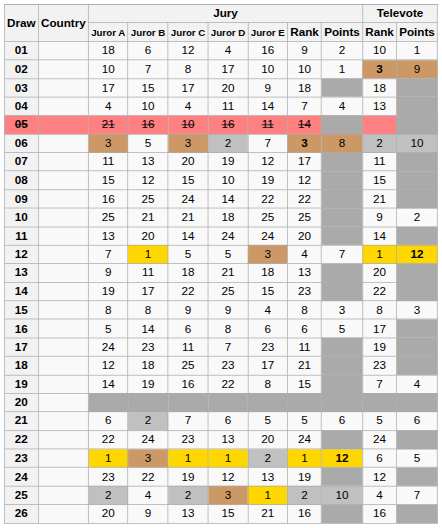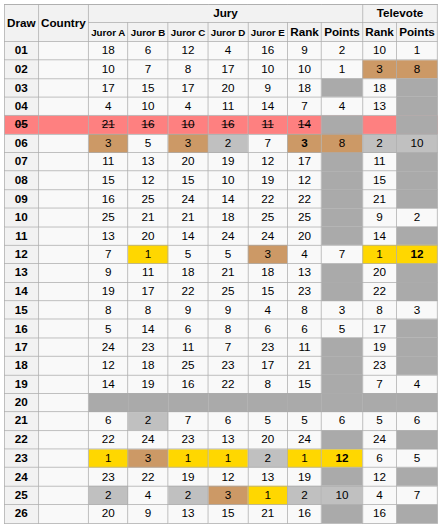 <table class="sortable wikitable collapsible plainrowheaders" style="text-align:center;">
 <tr>
 </tr>
 <tr>
 <th scope="col" rowspan="2">Draw</th>
 <th scope="col" rowspan="2">Country</th>
 <th scope="col" colspan="7">Jury</th>
 <th scope="col" colspan="2">Televote</th>
 </tr>
 <tr>
 <th scope="col"><small>Juror A</small></th>
 <th scope="col"><small>Juror B</small></th>
 <th scope="col"><small>Juror C</small></th>
 <th scope="col"><small>Juror D</small></th>
 <th scope="col"><small>Juror E</small></th>
 <th scope="col">Rank</th>
 <th scope="col" class="unsortable">Points</th>
 <th scope="col">Rank</th>
 <th scope="col" class="unsortable">Points</th>
 </tr>
 <tr>
 <th scope="row" style="text-align:center;">01</th>
 <td style="text-align:left;"></td>
 <td>18</td>
 <td>6</td>
 <td>12</td>
 <td>4</td>
 <td>16</td>
 <td>9</td>
 <td>2</td>
 <td>10</td>
 <td>1</td>
 </tr>
 <tr>
 <th scope="row" style="text-align:center;">02</th>
 <td style="text-align:left;"></td>
 <td>10</td>
 <td>7</td>
 <td>8</td>
 <td>17</td>
 <td>10</td>
 <td>10</td>
 <td>1</td>
-<td style="background:#CC9966;"><strong>3</strong></td>
-<td style="background:#CC9966;">9</td>
+<td style="background:#CC9966;">3</td>
+<td style="background:#CC9966;">8</td>
 </tr>
 <tr>
 <th scope="row" style="text-align:center;">03</th>
 <td style="text-align:left;"></td>
 <td>17</td>
 <td>15</td>
 <td>17</td>
 <td>20</td>
 <td>9</td>
 <td>18</td>
 <td style="background:#AAAAAA;"></td>
 <td>18</td>
 <td style="background:#AAAAAA;"></td>
 </tr>
 <tr>
 <th scope="row" style="text-align:center;">04</th>
 <td style="text-align:left;"></td>
 <td>4</td>
 <td>10</td>
 <td>4</td>
 <td>11</td>
 <td>14</td>
 <td>7</td>
 <td>4</td>
 <td>13</td>
 <td style="background:#AAAAAA;"></td>
 </tr>
 <tr style="background:#FE8080">
 <th scope="row" style="text-align:center; background:#FE8080"><s>05</s></th>
 <td style="text-align:left;"><s></s> </td>
 <td><s>21</s></td>
 <td><s>16</s></td>
 <td><s>10</s></td>
 <td><s>16</s></td>
 <td><s>11</s></td>
 <td><s>14</s></td>
 <td style="background:#AAAAAA;"></td>
 <td></td>
 <td style="background:#AAAAAA;"></td>
 </tr>
 <tr>
 <th scope="row" style="text-align:center;">06</th>
 <td style="text-align:left;"></td>
 <td style="background:#CC9966;">3</td>
 <td>5</td>
 <td style="background:#CC9966;">3</td>
 <td style="background:silver;">2</td>
 <td>7</td>
 <td style="background:#CC9966;"><strong>3</strong></td>
 <td style="background:#CC9966;">8</td>
 <td style="background:silver;">2</td>
 <td style="background:silver;">10</td>
 </tr>
 <tr>
 <th scope="row" style="text-align:center;">07</th>
 <td style="text-align:left;"></td>
 <td>11</td>
 <td>13</td>
 <td>20</td>
 <td>19</td>
 <td>12</td>
 <td>17</td>
 <td style="background:#AAAAAA;"></td>
 <td>11</td>
 <td style="background:#AAAAAA;"></td>
 </tr>
 <tr>
 <th scope="row" style="text-align:center;">08</th>
 <td style="text-align:left;"></td>
 <td>15</td>
 <td>12</td>
 <td>15</td>
 <td>10</td>
 <td>19</td>
 <td>12</td>
 <td style="background:#AAAAAA;"></td>
 <td>15</td>
 <td style="background:#AAAAAA;"></td>
 </tr>
 <tr>
 <th scope="row" style="text-align:center;">09</th>
 <td style="text-align:left;"></td>
 <td>16</td>
 <td>25</td>
 <td>24</td>
 <td>14</td>
 <td>22</td>
 <td>22</td>
 <td style="background:#AAAAAA;"></td>
 <td>21</td>
 <td style="background:#AAAAAA;"></td>
 </tr>
 <tr>
 <th scope="row" style="text-align:center;">10</th>
 <td style="text-align:left;"></td>
 <td>25</td>
 <td>21</td>
 <td>21</td>
 <td>18</td>
 <td>25</td>
 <td>25</td>
 <td style="background:#AAAAAA;"></td>
 <td>9</td>
 <td>2</td>
 </tr>
 <tr>
 <th scope="row" style="text-align:center;">11</th>
 <td style="text-align:left;"></td>
 <td>13</td>
 <td>20</td>
 <td>14</td>
 <td>24</td>
 <td>24</td>
 <td>20</td>
 <td style="background:#AAAAAA;"></td>
 <td>14</td>
 <td style="background:#AAAAAA;"></td>
 </tr>
 <tr>
 <th scope="row" style="text-align:center;">12</th>
 <td style="text-align:left;"></td>
 <td>7</td>
 <td style="background:gold;">1</td>
 <td>5</td>
 <td>5</td>
 <td style="background:#CC9966;">3</td>
 <td>4</td>
 <td>7</td>
 <td style="background:gold;">1</td>
 <td style="background:gold;"><strong>12</strong></td>
 </tr>
 <tr>
 <th scope="row" style="text-align:center;">13</th>
 <td style="text-align:left;"></td>
 <td>9</td>
 <td>11</td>
 <td>18</td>
 <td>21</td>
 <td>18</td>
 <td>13</td>
 <td style="background:#AAAAAA;"></td>
 <td>20</td>
 <td style="background:#AAAAAA;"></td>
 </tr>
 <tr>
 <th scope="row" style="text-align:center;">14</th>
 <td style="text-align:left;"></td>
 <td>19</td>
 <td>17</td>
 <td>22</td>
 <td>25</td>
 <td>15</td>
 <td>23</td>
 <td style="background:#AAAAAA;"></td>
 <td>22</td>
 <td style="background:#AAAAAA;"></td>
 </tr>
 <tr>
 <th scope="row" style="text-align:center;">15</th>
 <td style="text-align:left;"></td>
 <td>8</td>
 <td>8</td>
 <td>9</td>
 <td>9</td>
 <td>4</td>
 <td>8</td>
 <td>3</td>
 <td>8</td>
 <td>3</td>
 </tr>
 <tr>
 <th scope="row" style="text-align:center;">16</th>
 <td style="text-align:left;"></td>
 <td>5</td>
 <td>14</td>
 <td>6</td>
 <td>8</td>
 <td>6</td>
 <td>6</td>
 <td>5</td>
 <td>17</td>
 <td style="background:#AAAAAA;"></td>
 </tr>
 <tr>
 <th scope="row" style="text-align:center;">17</th>
 <td style="text-align:left;"></td>
 <td>24</td>
 <td>23</td>
 <td>11</td>
 <td>7</td>
 <td>23</td>
 <td>11</td>
 <td style="background:#AAAAAA;"></td>
 <td>19</td>
 <td style="background:#AAAAAA;"></td>
 </tr>
 <tr>
 <th scope="row" style="text-align:center;">18</th>
 <td style="text-align:left;"></td>
 <td>12</td>
 <td>18</td>
 <td>25</td>
 <td>23</td>
 <td>17</td>
 <td>21</td>
 <td style="background:#AAAAAA;"></td>
 <td>23</td>
 <td style="background:#AAAAAA;"></td>
 </tr>
 <tr>
 <th scope="row" style="text-align:center;">19</th>
 <td style="text-align:left;"></td>
 <td>14</td>
 <td>19</td>
 <td>16</td>
 <td>22</td>
 <td>8</td>
 <td>15</td>
 <td style="background:#AAAAAA;"></td>
 <td>7</td>
 <td>4</td>
 </tr>
 <tr class=sortbottom>
 <th scope="row" style="text-align:center;">20</th>
 <td style="text-align:left;"></td>
 <td style="background:#AAAAAA;"></td>
 <td style="background:#AAAAAA;"></td>
 <td style="background:#AAAAAA;"></td>
 <td style="background:#AAAAAA;"></td>
 <td style="background:#AAAAAA;"></td>
 <td style="background:#AAAAAA;"></td>
 <td style="background:#AAAAAA;"></td>
 <td style="background:#AAAAAA;"></td>
 <td style="background:#AAAAAA;"></td>
 </tr>
 <tr>
 <th scope="row" style="text-align:center;">21</th>
 <td style="text-align:left;"></td>
 <td>6</td>
 <td style="background:silver;">2</td>
 <td>7</td>
 <td>6</td>
 <td>5</td>
 <td>5</td>
 <td>6</td>
 <td>5</td>
 <td>6</td>
 </tr>
 <tr>
 <th scope="row" style="text-align:center;">22</th>
 <td style="text-align:left;"></td>
 <td>22</td>
 <td>24</td>
 <td>23</td>
 <td>13</td>
 <td>20</td>
 <td>24</td>
 <td style="background:#AAAAAA;"></td>
 <td>24</td>
 <td style="background:#AAAAAA;"></td>
 </tr>
 <tr>
 <th scope="row" style="text-align:center;">23</th>
 <td style="text-align:left;"></td>
 <td style="background:gold;">1</td>
 <td style="background:#CC9966;">3</td>
 <td style="background:gold;">1</td>
 <td style="background:gold;">1</td>
 <td style="background:silver;">2</td>
 <td style="background:gold;">1</td>
 <td style="background:gold;"><strong>12</strong></td>
 <td>6</td>
 <td>5</td>
 </tr>
 <tr>
 <th scope="row" style="text-align:center;">24</th>
 <td style="text-align:left;"></td>
 <td>23</td>
 <td>22</td>
 <td>19</td>
 <td>12</td>
 <td>13</td>
 <td>19</td>
 <td style="background:#AAAAAA;"></td>
 <td>12</td>
 <td style="background:#AAAAAA;"></td>
 </tr>
 <tr>
 <th scope="row" style="text-align:center;">25</th>
 <td style="text-align:left;"></td>
 <td style="background:silver;">2</td>
 <td>4</td>
 <td style="background:silver;">2</td>
 <td style="background:#CC9966;">3</td>
 <td style="background:gold;">1</td>
 <td style="background:silver;">2</td>
 <td style="background:silver;">10</td>
 <td>4</td>
 <td>7</td>
 </tr>
 <tr>
 <th scope="row" style="text-align:center;">26</th>
 <td style="text-align:left;"></td>
 <td>20</td>
 <td>9</td>
 <td>13</td>
 <td>15</td>
 <td>21</td>
 <td>16</td>
 <td style="background:#AAAAAA;"></td>
 <td>16</td>
 <td style="background:#AAAAAA;"></td>
 </tr>
 </table>
